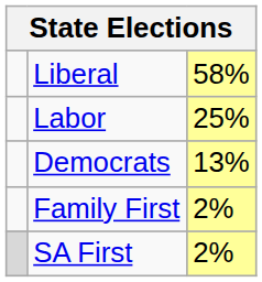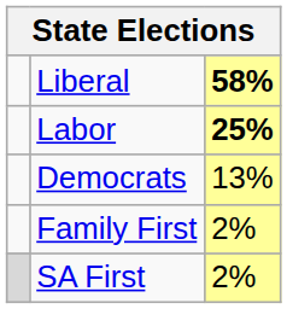 <table class="wikitable" style="float:right; margin-left:1em">
 <tr>
 <th colspan="3">State Elections<small></small></th>
 </tr>
 <tr>
 <td> </td>
 <td><a href='#'>Liberal</a></td>
-<td bgcolor="FFFF99">58%</td>
+<td bgcolor="FFFF99"><strong>58%</strong></td>
 </tr>
 <tr>
 <td> </td>
 <td><a href='#'>Labor</a></td>
-<td bgcolor="FFFF99">25%</td>
+<td bgcolor="FFFF99"><strong>25%</strong></td>
 </tr>
 <tr>
 <td> </td>
 <td><a href='#'>Democrats</a></td>
 <td bgcolor="FFFF99">13%</td>
 </tr>
 <tr>
 <td> </td>
 <td><a href='#'>Family First</a></td>
 <td bgcolor="FFFF99">2%</td>
 </tr>
 <tr>
 <td bgcolor="#D8D8D8"> </td>
 <td><a href='#'>SA First</a></td>
 <td bgcolor="FFFF99">2%</td>
 </tr>
 </table>
